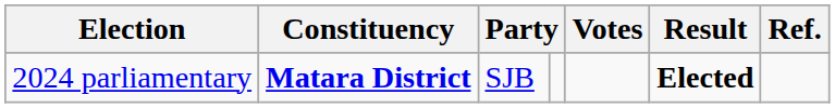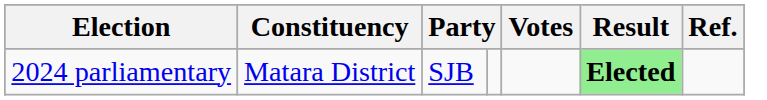 <table class="wikitable" style="text-align:left;">
 <tr>
 <th scope=col>Election</th>
 <th scope=col>Constituency</th>
 <th scope=col colspan="2">Party</th>
 <th scope=col>Votes</th>
 <th scope=col>Result</th>
 <th scope=col>Ref.</th>
 </tr>
 <tr>
 <td><a href='#'>2024 parliamentary</a></td>
-<td><strong><a href='#'>Matara District</a></strong></td>
+<td><a href='#'>Matara District</a></td>
 <td><a href='#'>SJB</a></td>
 <td rowspan="8" style="background:"></td>
 <td align=right></td>
-<td><strong>Elected</strong></td>
+<td style="background: lightgreen;"><strong>Elected</strong></td>
 <td></td>
 </tr>
 </table>
